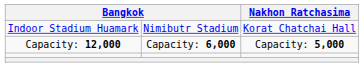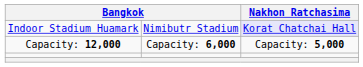 <table class="wikitable" style="margin:1em auto; text-align:center">
 <tr>
 <th colspan=2><a href='#'>Bangkok</a></th>
 <th><a href='#'>Nakhon Ratchasima</a></th>
 </tr>
 <tr>
 <td><a href='#'>Indoor Stadium Huamark</a></td>
 <td><a href='#'>Nimibutr Stadium</a></td>
-<td><a href='#'>Korat Chatchai Hall</a></td>
+<td style="background: lavender;"><a href='#'>Korat Chatchai Hall</a></td>
 </tr>
 <tr>
 <td>Capacity: <strong>12,000</strong></td>
 <td>Capacity: <strong>6,000</strong></td>
 <td>Capacity: <strong>5,000</strong></td>
 </tr>
 <tr>
 <td align="center"></td>
 <td align="center"></td>
 <td align="center"></td>
 </tr>
 <tr>
 <th colspan=4></th>
 </tr>
 </table>
